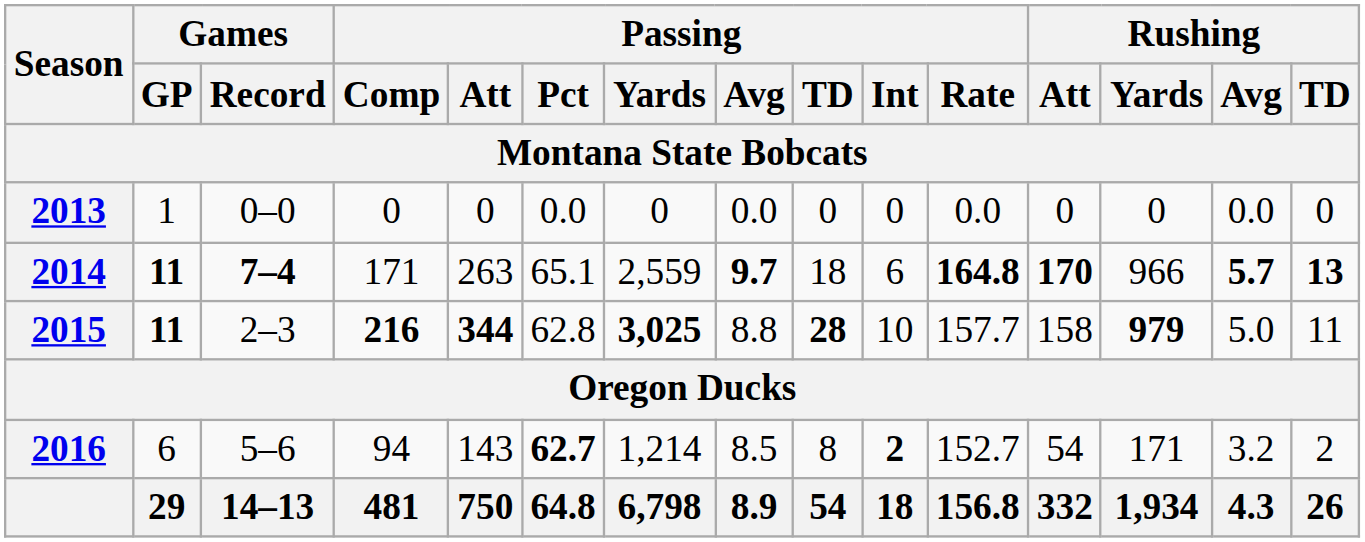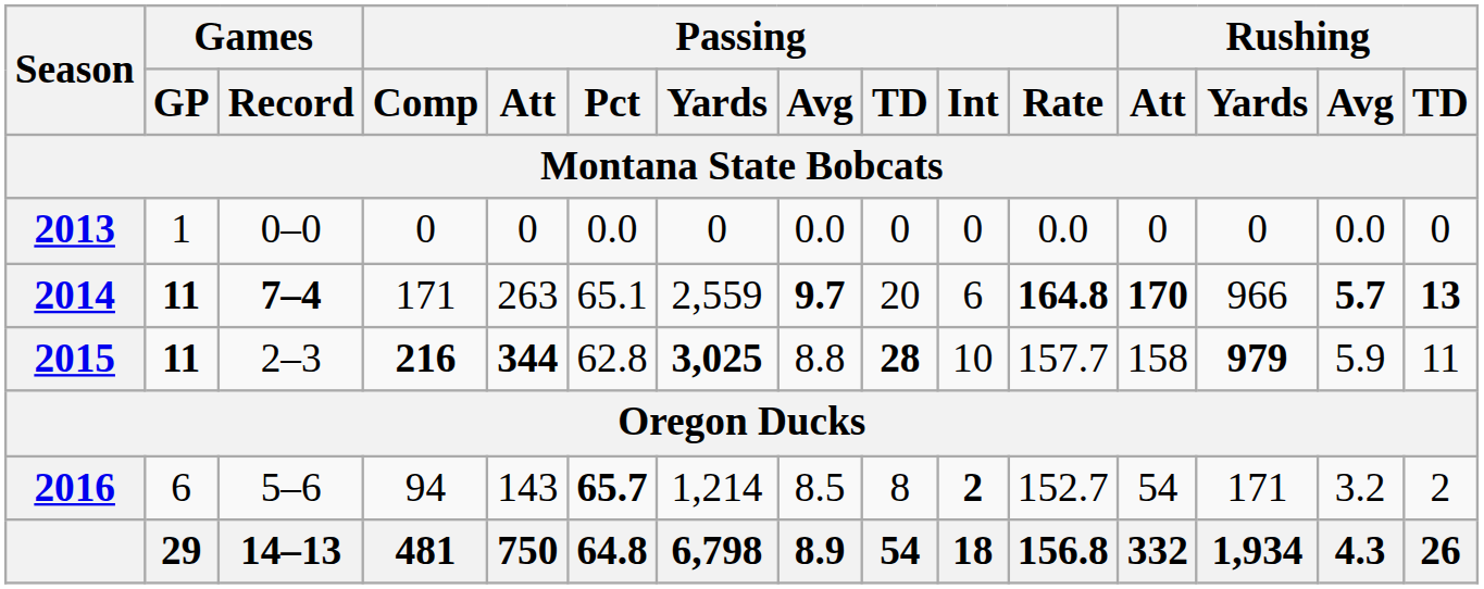 <table class="wikitable" style="text-align:center;">
 <tr>
 <th rowspan="2">Season</th>
 <th colspan="2">Games</th>
 <th colspan="8">Passing</th>
 <th colspan="4">Rushing</th>
 </tr>
 <tr>
 <th>GP</th>
 <th>Record</th>
 <th>Comp</th>
 <th>Att</th>
 <th>Pct</th>
 <th>Yards</th>
 <th>Avg</th>
 <th>TD</th>
 <th>Int</th>
 <th>Rate</th>
 <th>Att</th>
 <th>Yards</th>
 <th>Avg</th>
 <th>TD</th>
 </tr>
 <tr>
 <th colspan="16">Montana State Bobcats</th>
 </tr>
 <tr>
 <th><a href='#'>2013</a></th>
 <td>1</td>
 <td>0–0</td>
 <td>0</td>
 <td>0</td>
 <td>0.0</td>
 <td>0</td>
 <td>0.0</td>
 <td>0</td>
 <td>0</td>
 <td>0.0</td>
 <td>0</td>
 <td>0</td>
 <td>0.0</td>
 <td>0</td>
 </tr>
 <tr>
 <th><a href='#'>2014</a></th>
 <td><strong>11</strong></td>
 <td><strong>7–4</strong></td>
 <td>171</td>
 <td>263</td>
 <td>65.1</td>
 <td>2,559</td>
 <td><strong>9.7</strong></td>
-<td>18</td>
+<td>20</td>
 <td>6</td>
 <td><strong>164.8</strong></td>
 <td><strong>170</strong></td>
 <td>966</td>
 <td><strong>5.7</strong></td>
 <td><strong>13</strong></td>
 </tr>
 <tr>
 <th><a href='#'>2015</a></th>
 <td><strong>11</strong></td>
 <td>2–3</td>
 <td><strong>216</strong></td>
 <td><strong>344</strong></td>
 <td>62.8</td>
 <td><strong>3,025</strong></td>
 <td>8.8</td>
 <td><strong>28</strong></td>
 <td>10</td>
 <td>157.7</td>
 <td>158</td>
 <td><strong>979</strong></td>
-<td>5.0</td>
+<td>5.9</td>
 <td>11</td>
 </tr>
 <tr>
 <th colspan="16">Oregon Ducks</th>
 </tr>
 <tr>
 <th><a href='#'>2016</a></th>
 <td>6</td>
 <td>5–6</td>
 <td>94</td>
 <td>143</td>
-<td><strong>62.7</strong></td>
+<td><strong>65.7</strong></td>
 <td>1,214</td>
 <td>8.5</td>
 <td>8</td>
 <td><strong>2</strong></td>
 <td>152.7</td>
 <td>54</td>
 <td>171</td>
 <td>3.2</td>
 <td>2</td>
 </tr>
 <tr>
 <th></th>
 <th>29</th>
 <th>14–13</th>
 <th>481</th>
 <th>750</th>
 <th>64.8</th>
 <th>6,798</th>
 <th>8.9</th>
 <th>54</th>
 <th>18</th>
 <th>156.8</th>
 <th>332</th>
 <th>1,934</th>
 <th>4.3</th>
 <th>26</th>
 </tr>
 </table>
